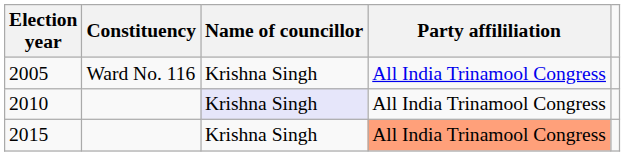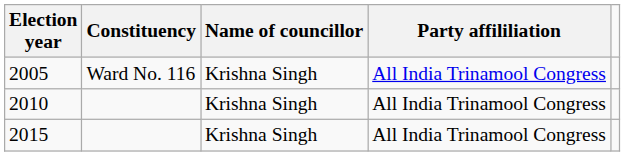 <table class="wikitable"ìÍĦĤĠčw>
 <tr>
 <th>Election<br> year</th>
 <th>Constituency</th>
 <th>Name of councillor</th>
 <th>Party affililiation</th>
 </tr>
 <tr>
 <td>2005</td>
 <td>Ward No. 116</td>
 <td>Krishna Singh</td>
 <td><a href='#'>All India Trinamool Congress</a></td>
 <td></td>
 </tr>
 <tr>
 <td>2010</td>
 <td></td>
-<td style="background: lavender;">Krishna Singh</td>
+<td>Krishna Singh</td>
 <td>All India Trinamool Congress</td>
 <td></td>
 </tr>
 <tr>
 <td>2015</td>
 <td></td>
 <td>Krishna Singh</td>
-<td style="background: lightsalmon;">All India Trinamool Congress</td>
+<td>All India Trinamool Congress</td>
 <td></td>
 </tr>
 </table>
